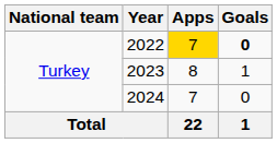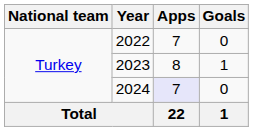 <table class="wikitable" style="text-align:center">
 <tr>
 <th>National team</th>
 <th>Year</th>
 <th>Apps</th>
 <th>Goals</th>
 </tr>
 <tr>
 <td rowspan="3"><a href='#'>Turkey</a></td>
 <td>2022</td>
-<td style="background: gold;">7</td>
-<td><strong>0</strong></td>
+<td>7</td>
+<td>0</td>
 </tr>
 <tr>
 <td>2023</td>
 <td>8</td>
 <td>1</td>
 </tr>
 <tr>
 <td>2024</td>
-<td>7</td>
+<td style="background: lavender;">7</td>
 <td>0</td>
 </tr>
 <tr>
 <th colspan="2">Total</th>
 <th>22</th>
 <th>1</th>
 </tr>
 </table>
